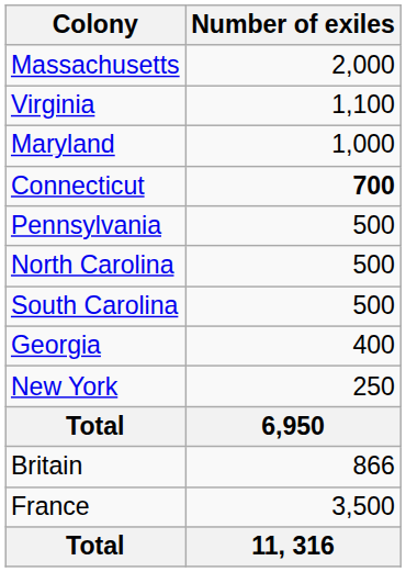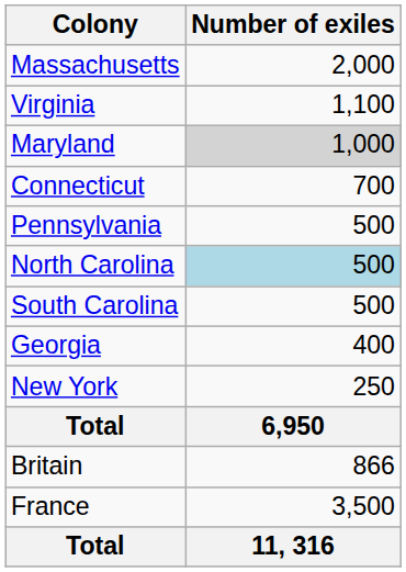 <table class="wikitable sortable" style="float: right; margin-left: 10px;">
 <tr>
 <th>Colony</th>
 <th>Number of exiles</th>
 </tr>
 <tr>
 <td><a href='#'>Massachusetts</a></td>
 <td align=right>2,000</td>
 </tr>
 <tr>
 <td><a href='#'>Virginia</a></td>
 <td align=right>1,100</td>
 </tr>
 <tr>
 <td><a href='#'>Maryland</a></td>
-<td align=right>1,000</td>
+<td align=right style="background: lightgrey;">1,000</td>
 </tr>
 <tr>
 <td><a href='#'>Connecticut</a></td>
-<td align=right><strong>700</strong></td>
+<td align=right>700</td>
 </tr>
 <tr>
 <td><a href='#'>Pennsylvania</a></td>
 <td align=right>500</td>
 </tr>
 <tr>
 <td><a href='#'>North Carolina</a></td>
-<td align=right>500</td>
+<td align=right style="background: lightblue;">500</td>
 </tr>
 <tr>
 <td><a href='#'>South Carolina</a></td>
 <td align=right>500</td>
 </tr>
 <tr>
 <td><a href='#'>Georgia</a></td>
 <td align=right>400</td>
 </tr>
 <tr>
 <td><a href='#'>New York</a></td>
 <td align=right>250</td>
 </tr>
 <tr>
 <th>Total</th>
 <th align="right">6,950</th>
 </tr>
 <tr>
 <td>Britain</td>
 <td align=right>866</td>
 </tr>
 <tr>
 <td>France</td>
 <td align=right>3,500</td>
 </tr>
 <tr>
 <th>Total</th>
 <th align="right">11, 316</th>
 </tr>
 </table>
